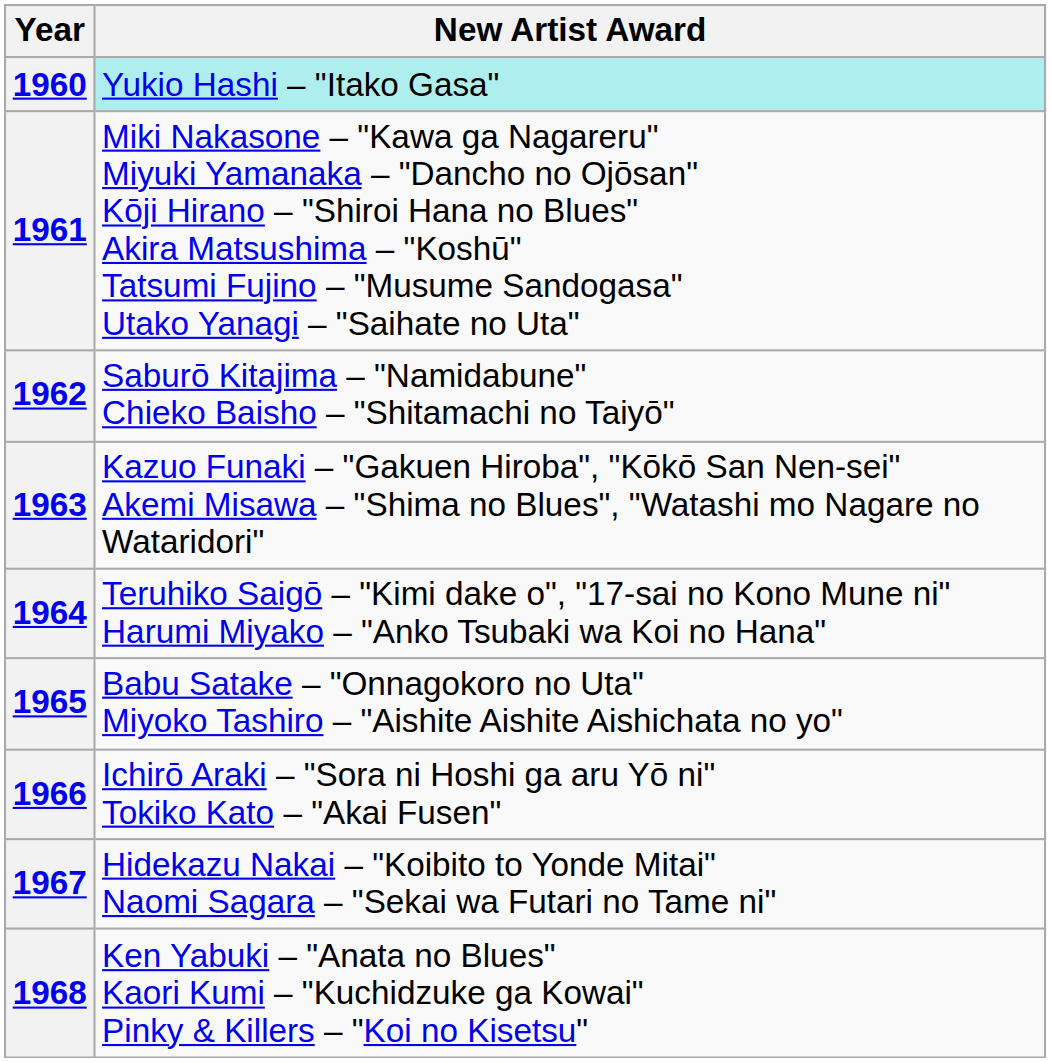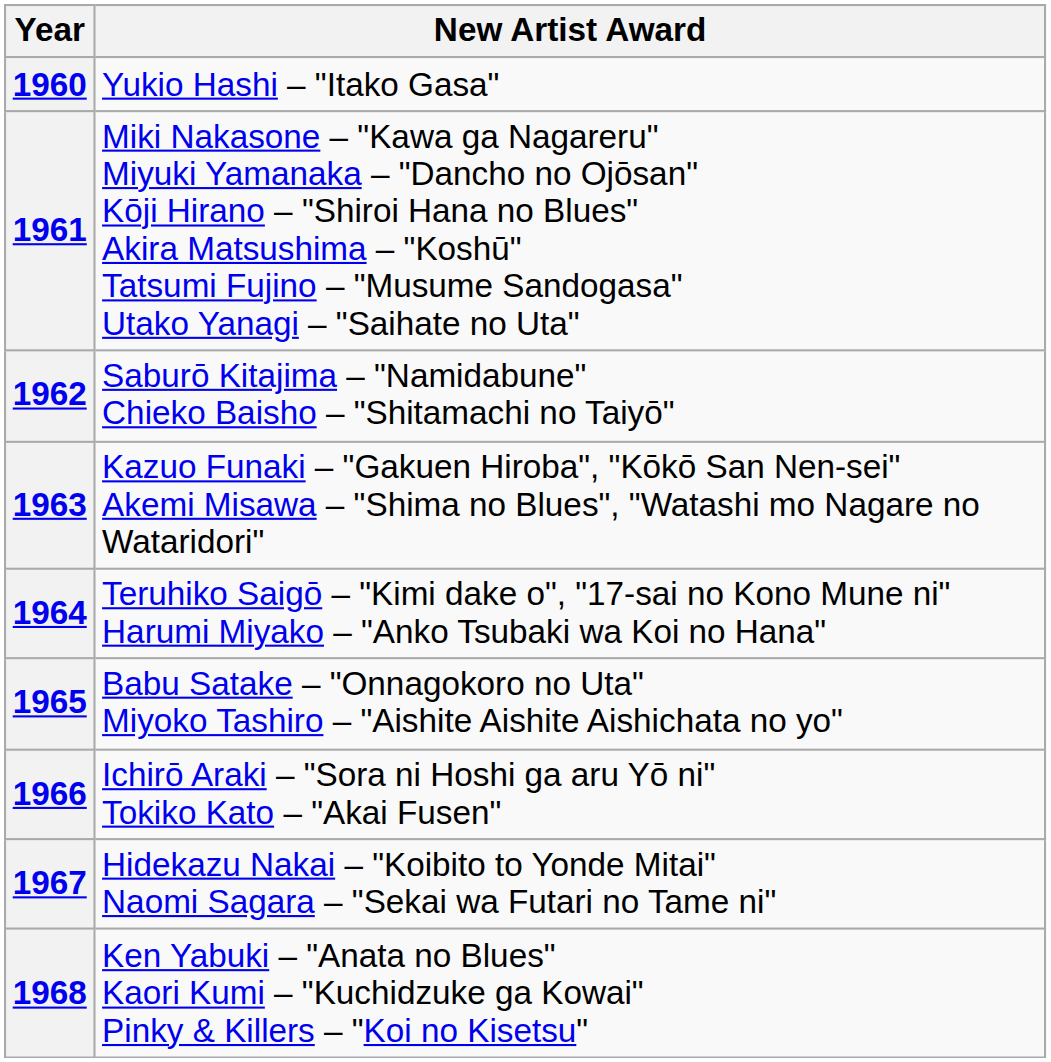 <table class="wikitable plainrowheaders">
 <tr>
 <th scope="col">Year</th>
 <th scope="col" width=450px>New Artist Award</th>
 </tr>
 <tr>
 <th scope="row" align="center"><a href='#'>1960</a></th>
-<td style="background: paleturquoise;"><a href='#'>Yukio Hashi</a> – "Itako Gasa"</td>
+<td><a href='#'>Yukio Hashi</a> – "Itako Gasa"</td>
 </tr>
 <tr>
 <th scope="row" align="center"><a href='#'>1961</a></th>
 <td><a href='#'>Miki Nakasone</a> – "Kawa ga Nagareru"<br><a href='#'>Miyuki Yamanaka</a> – "Dancho no Ojōsan"<br><a href='#'>Kōji Hirano</a> – "Shiroi Hana no Blues"<br><a href='#'>Akira Matsushima</a> – "Koshū"<br><a href='#'>Tatsumi Fujino</a> – "Musume Sandogasa"<br><a href='#'>Utako Yanagi</a> – "Saihate no Uta"</td>
 </tr>
 <tr>
 <th scope="row" align="center"><a href='#'>1962</a></th>
 <td><a href='#'>Saburō Kitajima</a> – "Namidabune"<br> <a href='#'>Chieko Baisho</a> – "Shitamachi no Taiyō"</td>
 </tr>
 <tr>
 <th scope="row" align="center"><a href='#'>1963</a></th>
 <td><a href='#'>Kazuo Funaki</a> – "Gakuen Hiroba", "Kōkō San Nen-sei"<br><a href='#'>Akemi Misawa</a> – "Shima no Blues", "Watashi mo Nagare no Wataridori"</td>
 </tr>
 <tr>
 <th scope="row" align="center"><a href='#'>1964</a></th>
 <td><a href='#'>Teruhiko Saigō</a> – "Kimi dake o", "17-sai no Kono Mune ni"<br><a href='#'>Harumi Miyako</a> – "Anko Tsubaki wa Koi no Hana"</td>
 </tr>
 <tr>
 <th scope="row" align="center"><a href='#'>1965</a></th>
 <td><a href='#'>Babu Satake</a> – "Onnagokoro no Uta"<br><a href='#'>Miyoko Tashiro</a> – "Aishite Aishite Aishichata no yo"</td>
 </tr>
 <tr>
 <th scope="row" align="center"><a href='#'>1966</a></th>
 <td><a href='#'>Ichirō Araki</a> – "Sora ni Hoshi ga aru Yō ni"<br><a href='#'>Tokiko Kato</a> – "Akai Fusen"</td>
 </tr>
 <tr>
 <th scope="row" align="center"><a href='#'>1967</a></th>
 <td><a href='#'>Hidekazu Nakai</a> – "Koibito to Yonde Mitai"<br><a href='#'>Naomi Sagara</a> – "Sekai wa Futari no Tame ni"</td>
 </tr>
 <tr>
 <th scope="row" align="center"><a href='#'>1968</a></th>
 <td><a href='#'>Ken Yabuki</a> – "Anata no Blues"<br><a href='#'>Kaori Kumi</a> – "Kuchidzuke ga Kowai"<br><a href='#'>Pinky & Killers</a> – "<a href='#'>Koi no Kisetsu</a>"</td>
 </tr>
 </table>
